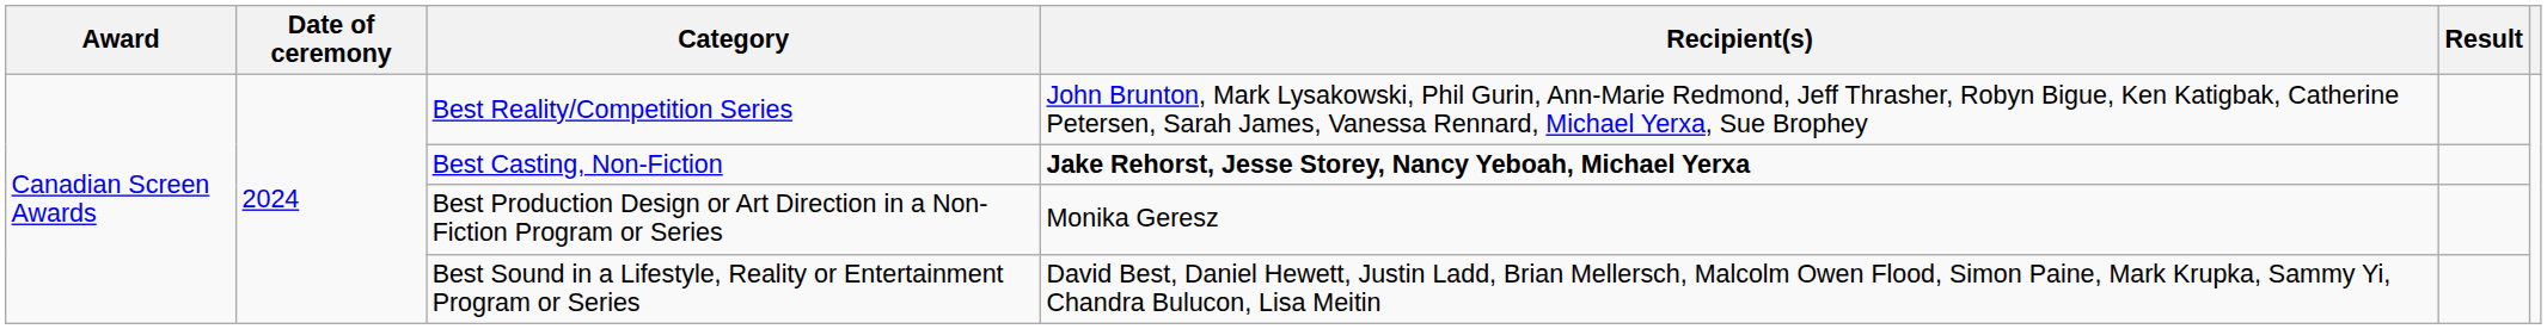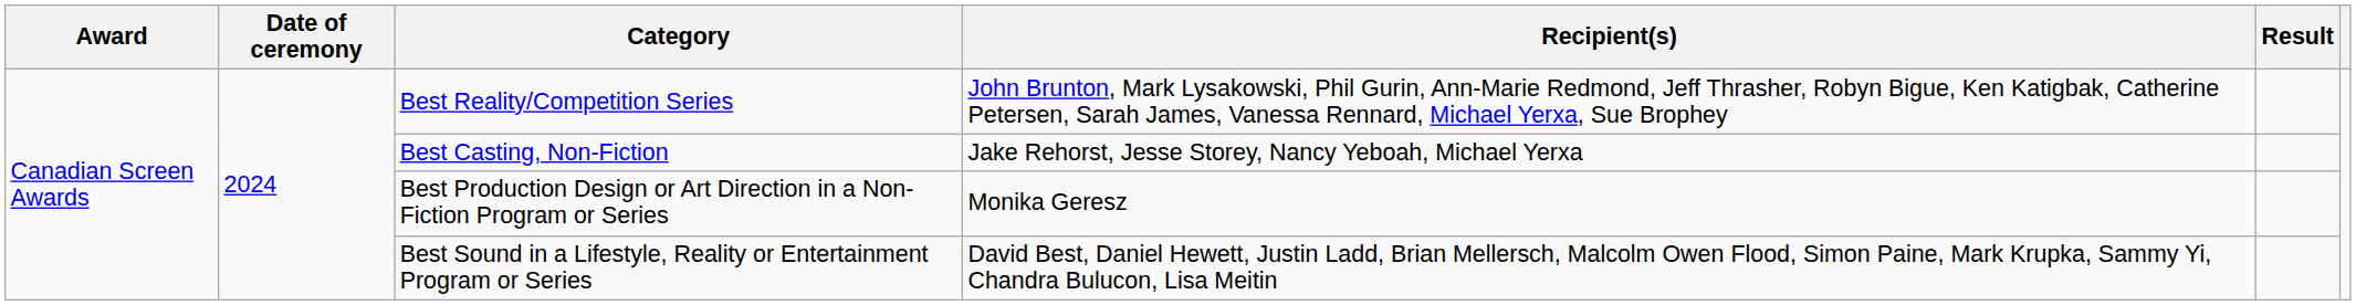 <table class="wikitable sortable plainrowheaders" width=100%>
 <tr>
 <th scope="col">Award</th>
 <th scope="col">Date of ceremony</th>
 <th scope="col">Category</th>
 <th scope="col">Recipient(s)</th>
 <th scope="col">Result</th>
 <th class="unsortable" scope="col"></th>
 </tr>
 <tr>
 <td rowspan=4><a href='#'>Canadian Screen Awards</a></td>
 <td rowspan=4><a href='#'>2024</a></td>
 <td><a href='#'>Best Reality/Competition Series</a></td>
 <td><a href='#'>John Brunton</a>, Mark Lysakowski, Phil Gurin, Ann-Marie Redmond, Jeff Thrasher, Robyn Bigue, Ken Katigbak, Catherine Petersen, Sarah James, Vanessa Rennard, <a href='#'>Michael Yerxa</a>, Sue Brophey</td>
 <td></td>
 <td rowspan=4></td>
 </tr>
 <tr>
 <td><a href='#'>Best Casting, Non-Fiction</a></td>
-<td><strong>Jake Rehorst, Jesse Storey, Nancy Yeboah, Michael Yerxa</strong></td>
+<td>Jake Rehorst, Jesse Storey, Nancy Yeboah, Michael Yerxa</td>
 <td></td>
 </tr>
 <tr>
 <td>Best Production Design or Art Direction in a Non-Fiction Program or Series</td>
 <td>Monika Geresz</td>
 <td></td>
 </tr>
 <tr>
 <td>Best Sound in a Lifestyle, Reality or Entertainment Program or Series</td>
 <td>David Best, Daniel Hewett, Justin Ladd, Brian Mellersch, Malcolm Owen Flood, Simon Paine, Mark Krupka, Sammy Yi, Chandra Bulucon, Lisa Meitin</td>
 <td></td>
 </tr>
 </table>
